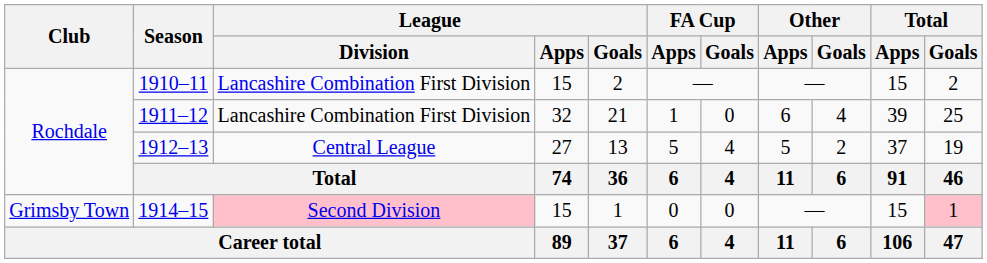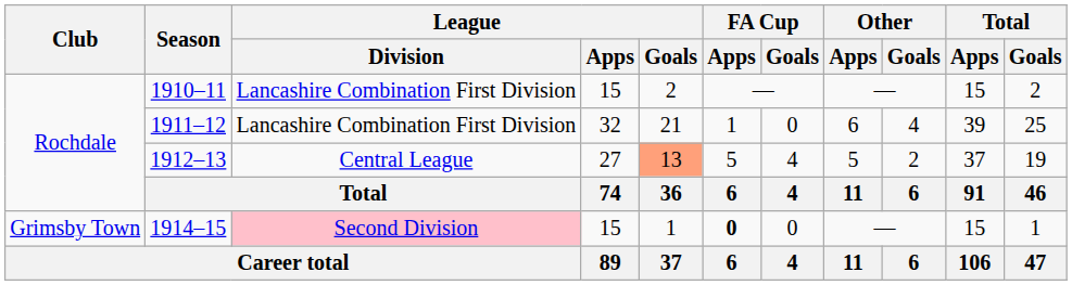 <table class="wikitable" style="text-align: center;">
 <tr>
 <th rowspan="2">Club</th>
 <th rowspan="2">Season</th>
 <th colspan="3">League</th>
 <th colspan="2">FA Cup</th>
 <th colspan="2">Other</th>
 <th colspan="2">Total</th>
 </tr>
 <tr>
 <th>Division</th>
 <th>Apps</th>
 <th>Goals</th>
 <th>Apps</th>
 <th>Goals</th>
 <th>Apps</th>
 <th>Goals</th>
 <th>Apps</th>
 <th>Goals</th>
 </tr>
 <tr>
 <td rowspan="4"><a href='#'>Rochdale</a></td>
 <td><a href='#'>1910–11</a></td>
 <td><a href='#'>Lancashire Combination</a> First Division</td>
 <td>15</td>
 <td>2</td>
 <td colspan="2">―</td>
 <td colspan="2">―</td>
 <td>15</td>
 <td>2</td>
 </tr>
 <tr>
 <td><a href='#'>1911–12</a></td>
 <td>Lancashire Combination First Division</td>
 <td>32</td>
 <td>21</td>
 <td>1</td>
 <td>0</td>
 <td>6</td>
 <td>4</td>
 <td>39</td>
 <td>25</td>
 </tr>
 <tr>
 <td><a href='#'>1912–13</a></td>
 <td><a href='#'>Central League</a></td>
 <td>27</td>
-<td>13</td>
+<td style="background: lightsalmon;">13</td>
 <td>5</td>
 <td>4</td>
 <td>5</td>
 <td>2</td>
 <td>37</td>
 <td>19</td>
 </tr>
 <tr>
 <th colspan="2">Total</th>
 <th>74</th>
 <th>36</th>
 <th>6</th>
 <th>4</th>
 <th>11</th>
 <th>6</th>
 <th>91</th>
 <th>46</th>
 </tr>
 <tr>
 <td><a href='#'>Grimsby Town</a></td>
 <td><a href='#'>1914–15</a></td>
 <td style="background: pink;"><a href='#'>Second Division</a></td>
 <td>15</td>
 <td>1</td>
-<td>0</td>
+<td><strong>0</strong></td>
 <td>0</td>
 <td colspan="2">―</td>
 <td>15</td>
-<td style="background: pink;">1</td>
+<td>1</td>
 </tr>
 <tr>
 <th colspan="3">Career total</th>
 <th>89</th>
 <th>37</th>
 <th>6</th>
 <th>4</th>
 <th>11</th>
 <th>6</th>
 <th>106</th>
 <th>47</th>
 </tr>
 </table>
